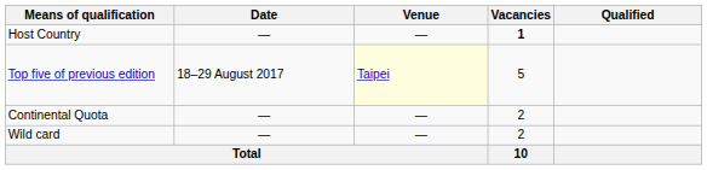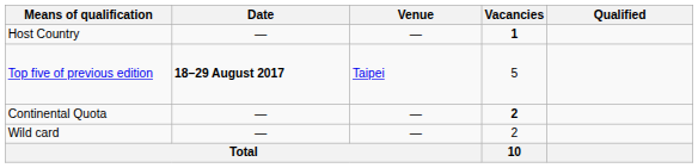 <table class="wikitable" width=900>
 <tr>
 <th width=25%>Means of qualification</th>
 <th width=27%>Date</th>
 <th width=20%>Venue</th>
 <th width=6%>Vacancies</th>
 <th width=22%>Qualified</th>
 </tr>
 <tr>
 <td>Host Country</td>
 <td style="text-align:center;">—</td>
 <td style="text-align:center;">—</td>
 <td style="text-align:center;"><strong>1</strong></td>
 <td></td>
 </tr>
 <tr>
 <td><a href='#'>Top five of previous edition</a></td>
-<td>18–29 August 2017</td>
-<td style="background: lightyellow;"> <a href='#'>Taipei</a></td>
+<td><strong>18–29 August 2017</strong></td>
+<td> <a href='#'>Taipei</a></td>
 <td style="text-align:center;">5</td>
 <td><br><br><br><br></td>
 </tr>
 <tr>
 <td>Continental Quota</td>
 <td style="text-align:center;">—</td>
 <td style="text-align:center;">—</td>
-<td style="text-align:center;">2</td>
+<td style="text-align:center;"><strong>2</strong></td>
 <td><br></td>
 </tr>
 <tr>
 <td>Wild card</td>
 <td style="text-align:center;">—</td>
 <td style="text-align:center;">—</td>
 <td style="text-align:center;">2</td>
 <td><br></td>
 </tr>
 <tr>
 <th colspan="3">Total</th>
 <th>10</th>
 <th></th>
 </tr>
 </table>
